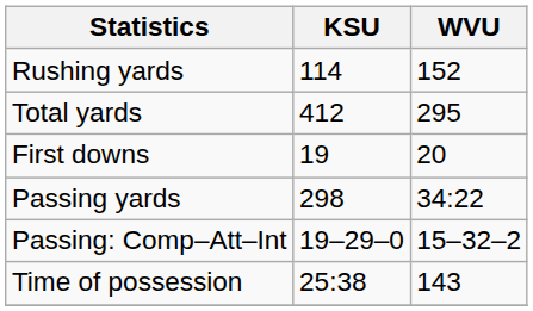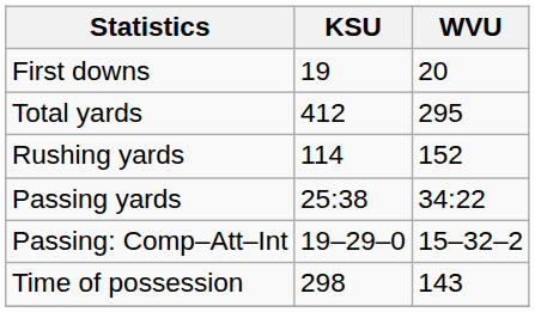 <table class="wikitable" style="float: left;">
 <tr>
 <th>Statistics</th>
 <th>KSU</th>
 <th>WVU</th>
 </tr>
 <tr>
-<td>Rushing yards</td>
-<td>114</td>
-<td>152</td>
+<td>First downs</td>
+<td>19</td>
+<td>20</td>
 </tr>
 <tr>
 <td>Total yards</td>
 <td>412</td>
 <td>295</td>
 </tr>
 <tr>
-<td>First downs</td>
-<td>19</td>
-<td>20</td>
+<td>Rushing yards</td>
+<td>114</td>
+<td>152</td>
 </tr>
 <tr>
 <td>Passing yards</td>
-<td>298</td>
+<td>25:38</td>
 <td>34:22</td>
 </tr>
 <tr>
 <td>Passing: Comp–Att–Int</td>
 <td>19–29–0</td>
 <td>15–32–2</td>
 </tr>
 <tr>
 <td>Time of possession</td>
-<td>25:38</td>
+<td>298</td>
 <td>143</td>
 </tr>
 <tr>
 </tr>
 </table>
